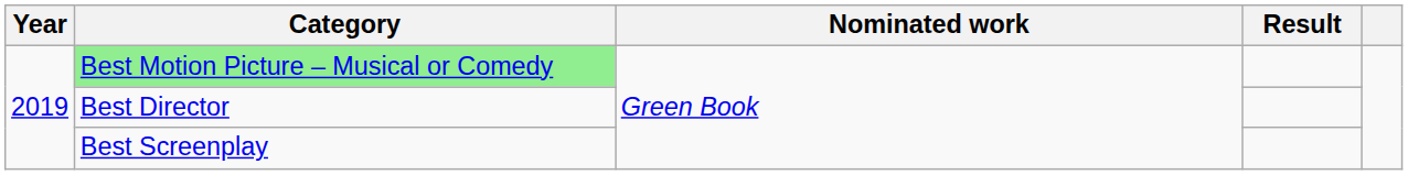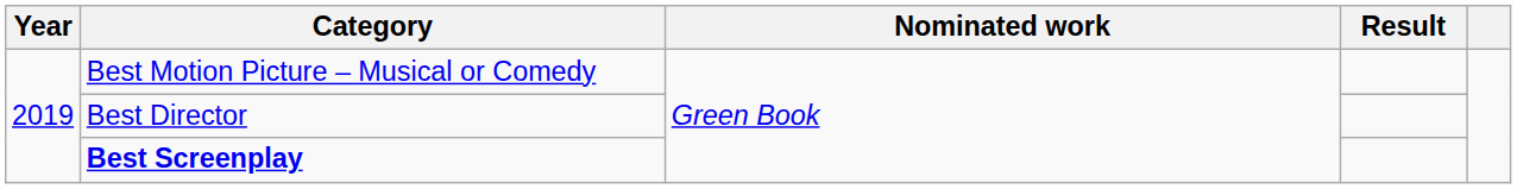 <table class="wikitable sortable">
 <tr>
 <th scope="col" style="width:1em;">Year</th>
 <th scope="col" style="width:33em;">Category</th>
 <th scope="col" style="width:39em;">Nominated work</th>
 <th scope="col" style="width:5em;">Result</th>
 <th scope="col" style="width:2em;" class="unsortable"></th>
 </tr>
 <tr>
 <td rowspan="3"><a href='#'>2019</a></td>
-<td style="background: lightgreen;"><a href='#'>Best Motion Picture – Musical or Comedy</a></td>
+<td><a href='#'>Best Motion Picture – Musical or Comedy</a></td>
 <td rowspan="3"><em><a href='#'>Green Book</a></em></td>
 <td></td>
 <td style="text-align:center;" rowspan="3"></td>
 </tr>
 <tr>
 <td><a href='#'>Best Director</a></td>
 <td></td>
 </tr>
 <tr>
-<td><a href='#'>Best Screenplay</a></td>
+<td><strong><a href='#'>Best Screenplay</a></strong></td>
 <td></td>
 </tr>
 </table>
